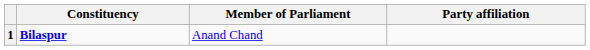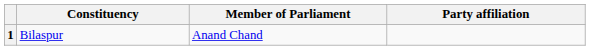 <table class="wikitable sortable">
 <tr style="text-align:center;">
 <th></th>
 <th style="width:13em">Constituency</th>
 <th style="width:15em">Member of Parliament</th>
 <th colspan="2" style="width:15em">Party affiliation</th>
 </tr>
 <tr>
 <th>1</th>
-<td><strong><a href='#'>Bilaspur</a></strong></td>
+<td><a href='#'>Bilaspur</a></td>
 <td><a href='#'>Anand Chand</a></td>
 <td></td>
 </tr>
 </table>
